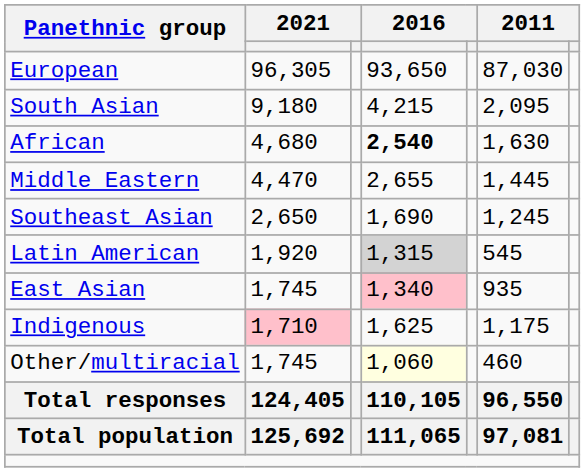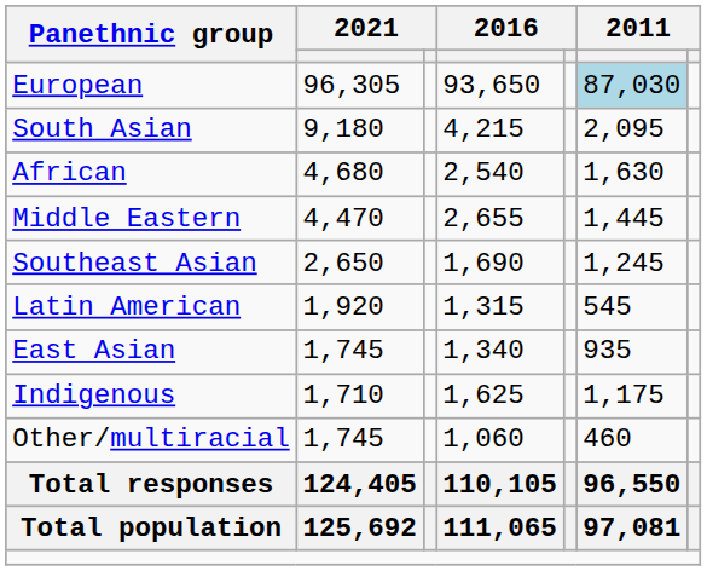 <table class="wikitable collapsible sortable">
 <tr>
 <th rowspan="2"><a href='#'>Panethnic</a> group</th>
 <th colspan="2">2021</th>
 <th colspan="2">2016</th>
 <th colspan="2">2011</th>
 </tr>
 <tr>
 <th><a href='#'></a></th>
 <th></th>
 <th></th>
 <th></th>
 <th></th>
 <th></th>
 </tr>
 <tr>
 <td><a href='#'>European</a></td>
 <td>96,305</td>
 <td></td>
 <td>93,650</td>
 <td></td>
-<td>87,030</td>
+<td style="background: lightblue;">87,030</td>
 <td></td>
 </tr>
 <tr>
 <td><a href='#'>South Asian</a></td>
 <td>9,180</td>
 <td></td>
 <td>4,215</td>
 <td></td>
 <td>2,095</td>
 <td></td>
 </tr>
 <tr>
 <td><a href='#'>African</a></td>
 <td>4,680</td>
 <td></td>
-<td><strong>2,540</strong></td>
+<td>2,540</td>
 <td></td>
 <td>1,630</td>
 <td></td>
 </tr>
 <tr>
 <td><a href='#'>Middle Eastern</a></td>
 <td>4,470</td>
 <td></td>
 <td>2,655</td>
 <td></td>
 <td>1,445</td>
 <td></td>
 </tr>
 <tr>
 <td><a href='#'>Southeast Asian</a></td>
 <td>2,650</td>
 <td></td>
 <td>1,690</td>
 <td></td>
 <td>1,245</td>
 <td></td>
 </tr>
 <tr>
 <td><a href='#'>Latin American</a></td>
 <td>1,920</td>
 <td></td>
-<td style="background: lightgrey;">1,315</td>
+<td>1,315</td>
 <td></td>
 <td>545</td>
 <td></td>
 </tr>
 <tr>
 <td><a href='#'>East Asian</a></td>
 <td>1,745</td>
 <td></td>
-<td style="background: pink;">1,340</td>
+<td>1,340</td>
 <td></td>
 <td>935</td>
 <td></td>
 </tr>
 <tr>
 <td><a href='#'>Indigenous</a></td>
-<td style="background: pink;">1,710</td>
+<td>1,710</td>
 <td></td>
 <td>1,625</td>
 <td></td>
 <td>1,175</td>
 <td></td>
 </tr>
 <tr>
 <td>Other/<a href='#'>multiracial</a></td>
 <td>1,745</td>
 <td></td>
-<td style="background: lightyellow;">1,060</td>
+<td>1,060</td>
 <td></td>
 <td>460</td>
 <td></td>
 </tr>
 <tr>
 <th>Total responses</th>
 <th>124,405</th>
 <th></th>
 <th>110,105</th>
 <th></th>
 <th>96,550</th>
 <th></th>
 </tr>
 <tr class="sortbottom">
 <th>Total population</th>
 <th>125,692</th>
 <th></th>
 <th>111,065</th>
 <th></th>
 <th>97,081</th>
 <th></th>
 </tr>
 <tr class="sortbottom">
 <td colspan="15"></td>
 </tr>
 </table>
